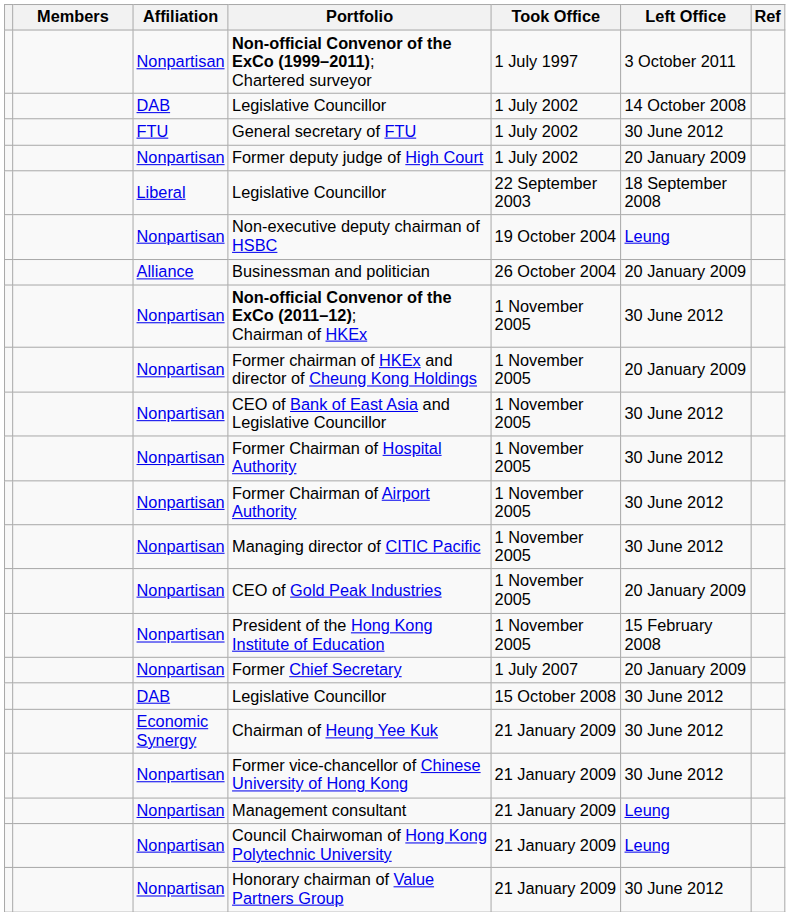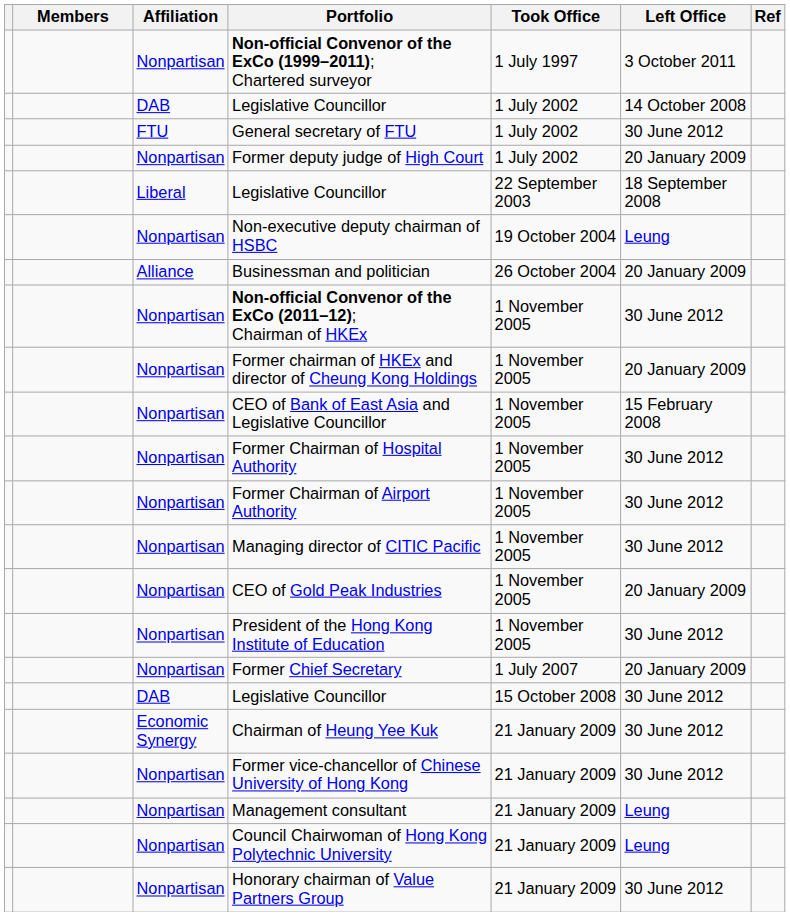 <table class="wikitable">
 <tr>
 <th width="1px" class="unsortable"></th>
 <th width="110px">Members</th>
 <th width="50px">Affiliation</th>
 <th width="250px">Portfolio</th>
 <th width="120px">Took Office</th>
 <th width="120px">Left Office</th>
 <th width="10px">Ref</th>
 </tr>
 <tr>
 <td style="color:inherit;background:"></td>
 <td><strong></strong></td>
 <td><a href='#'>Nonpartisan</a></td>
 <td><strong>Non-official Convenor of the ExCo (1999–2011)</strong>;<br>Chartered surveyor</td>
 <td>1 July 1997</td>
 <td>3 October 2011</td>
 <td></td>
 </tr>
 <tr>
 <td style="color:inherit;background:"></td>
 <td></td>
 <td><a href='#'>DAB</a></td>
 <td>Legislative Councillor</td>
 <td>1 July 2002</td>
 <td>14 October 2008</td>
 <td></td>
 </tr>
 <tr>
 <td style="color:inherit;background:"></td>
 <td></td>
 <td><a href='#'>FTU</a></td>
 <td>General secretary of <a href='#'>FTU</a></td>
 <td>1 July 2002</td>
 <td>30 June 2012</td>
 <td></td>
 </tr>
 <tr>
 <td style="color:inherit;background:"></td>
 <td></td>
 <td><a href='#'>Nonpartisan</a></td>
 <td>Former deputy judge of <a href='#'>High Court</a></td>
 <td>1 July 2002</td>
 <td>20 January 2009</td>
 <td></td>
 </tr>
 <tr>
 <td style="color:inherit;background:"></td>
 <td></td>
 <td><a href='#'>Liberal</a></td>
 <td>Legislative Councillor</td>
 <td>22 September 2003</td>
 <td>18 September 2008</td>
 <td></td>
 </tr>
 <tr>
 <td style="color:inherit;background:"></td>
 <td></td>
 <td><a href='#'>Nonpartisan</a></td>
 <td>Non-executive deputy chairman of <a href='#'>HSBC</a></td>
 <td>19 October 2004</td>
 <td><a href='#'>Leung</a></td>
 <td></td>
 </tr>
 <tr>
 <td style="color:inherit;background:"></td>
 <td></td>
 <td><a href='#'>Alliance</a></td>
 <td>Businessman and politician</td>
 <td>26 October 2004</td>
 <td>20 January 2009</td>
 <td></td>
 </tr>
 <tr>
 <td style="color:inherit;background:"></td>
 <td><strong></strong></td>
 <td><a href='#'>Nonpartisan</a></td>
 <td><strong>Non-official Convenor of the ExCo (2011–12)</strong>;<br>Chairman of <a href='#'>HKEx</a></td>
 <td>1 November 2005</td>
 <td>30 June 2012</td>
 <td></td>
 </tr>
 <tr>
 <td style="color:inherit;background:"></td>
 <td></td>
 <td><a href='#'>Nonpartisan</a></td>
 <td>Former chairman of <a href='#'>HKEx</a> and director of <a href='#'>Cheung Kong Holdings</a></td>
 <td>1 November 2005</td>
 <td>20 January 2009</td>
 <td></td>
 </tr>
 <tr>
 <td style="color:inherit;background:"></td>
 <td></td>
 <td><a href='#'>Nonpartisan</a></td>
 <td>CEO of <a href='#'>Bank of East Asia</a> and Legislative Councillor</td>
 <td>1 November 2005</td>
-<td>30 June 2012</td>
+<td>15 February 2008</td>
 <td></td>
 </tr>
 <tr>
 <td style="color:inherit;background:"></td>
 <td></td>
 <td><a href='#'>Nonpartisan</a></td>
 <td>Former Chairman of <a href='#'>Hospital Authority</a></td>
 <td>1 November 2005</td>
 <td>30 June 2012</td>
 <td></td>
 </tr>
 <tr>
 <td style="color:inherit;background:"></td>
 <td></td>
 <td><a href='#'>Nonpartisan</a></td>
 <td>Former Chairman of <a href='#'>Airport Authority</a></td>
 <td>1 November 2005</td>
 <td>30 June 2012</td>
 <td></td>
 </tr>
 <tr>
 <td style="color:inherit;background:"></td>
 <td></td>
 <td><a href='#'>Nonpartisan</a></td>
 <td>Managing director of <a href='#'>CITIC Pacific</a></td>
 <td>1 November 2005</td>
 <td>30 June 2012</td>
 <td></td>
 </tr>
 <tr>
 <td style="color:inherit;background:"></td>
 <td></td>
 <td><a href='#'>Nonpartisan</a></td>
 <td>CEO of <a href='#'>Gold Peak Industries</a></td>
 <td>1 November 2005</td>
 <td>20 January 2009</td>
 <td></td>
 </tr>
 <tr>
 <td style="color:inherit;background:"></td>
 <td></td>
 <td><a href='#'>Nonpartisan</a></td>
 <td>President of the <a href='#'>Hong Kong Institute of Education</a></td>
 <td>1 November 2005</td>
-<td>15 February 2008</td>
+<td>30 June 2012</td>
 <td></td>
 </tr>
 <tr>
 <td style="color:inherit;background:"></td>
 <td></td>
 <td><a href='#'>Nonpartisan</a></td>
 <td>Former <a href='#'>Chief Secretary</a></td>
 <td>1 July 2007</td>
 <td>20 January 2009</td>
 <td></td>
 </tr>
 <tr>
 <td style="color:inherit;background:"></td>
 <td></td>
 <td><a href='#'>DAB</a></td>
 <td>Legislative Councillor</td>
 <td>15 October 2008</td>
 <td>30 June 2012</td>
 <td></td>
 </tr>
 <tr>
 <td style="color:inherit;background:"></td>
 <td></td>
 <td><a href='#'>Economic Synergy</a></td>
 <td>Chairman of <a href='#'>Heung Yee Kuk</a></td>
 <td>21 January 2009</td>
 <td>30 June 2012</td>
 <td></td>
 </tr>
 <tr>
 <td style="color:inherit;background:"></td>
 <td></td>
 <td><a href='#'>Nonpartisan</a></td>
 <td>Former vice-chancellor of <a href='#'>Chinese University of Hong Kong</a></td>
 <td>21 January 2009</td>
 <td>30 June 2012</td>
 <td></td>
 </tr>
 <tr>
 <td style="color:inherit;background:"></td>
 <td></td>
 <td><a href='#'>Nonpartisan</a></td>
 <td>Management consultant</td>
 <td>21 January 2009</td>
 <td><a href='#'>Leung</a></td>
 <td></td>
 </tr>
 <tr>
 <td style="color:inherit;background:"></td>
 <td></td>
 <td><a href='#'>Nonpartisan</a></td>
 <td>Council Chairwoman of <a href='#'>Hong Kong Polytechnic University</a></td>
 <td>21 January 2009</td>
 <td><a href='#'>Leung</a></td>
 <td></td>
 </tr>
 <tr>
 <td style="color:inherit;background:"></td>
 <td></td>
 <td><a href='#'>Nonpartisan</a></td>
 <td>Honorary chairman of <a href='#'>Value Partners Group</a></td>
 <td>21 January 2009</td>
 <td>30 June 2012</td>
 <td></td>
 </tr>
 <tr>
 </tr>
 </table>
